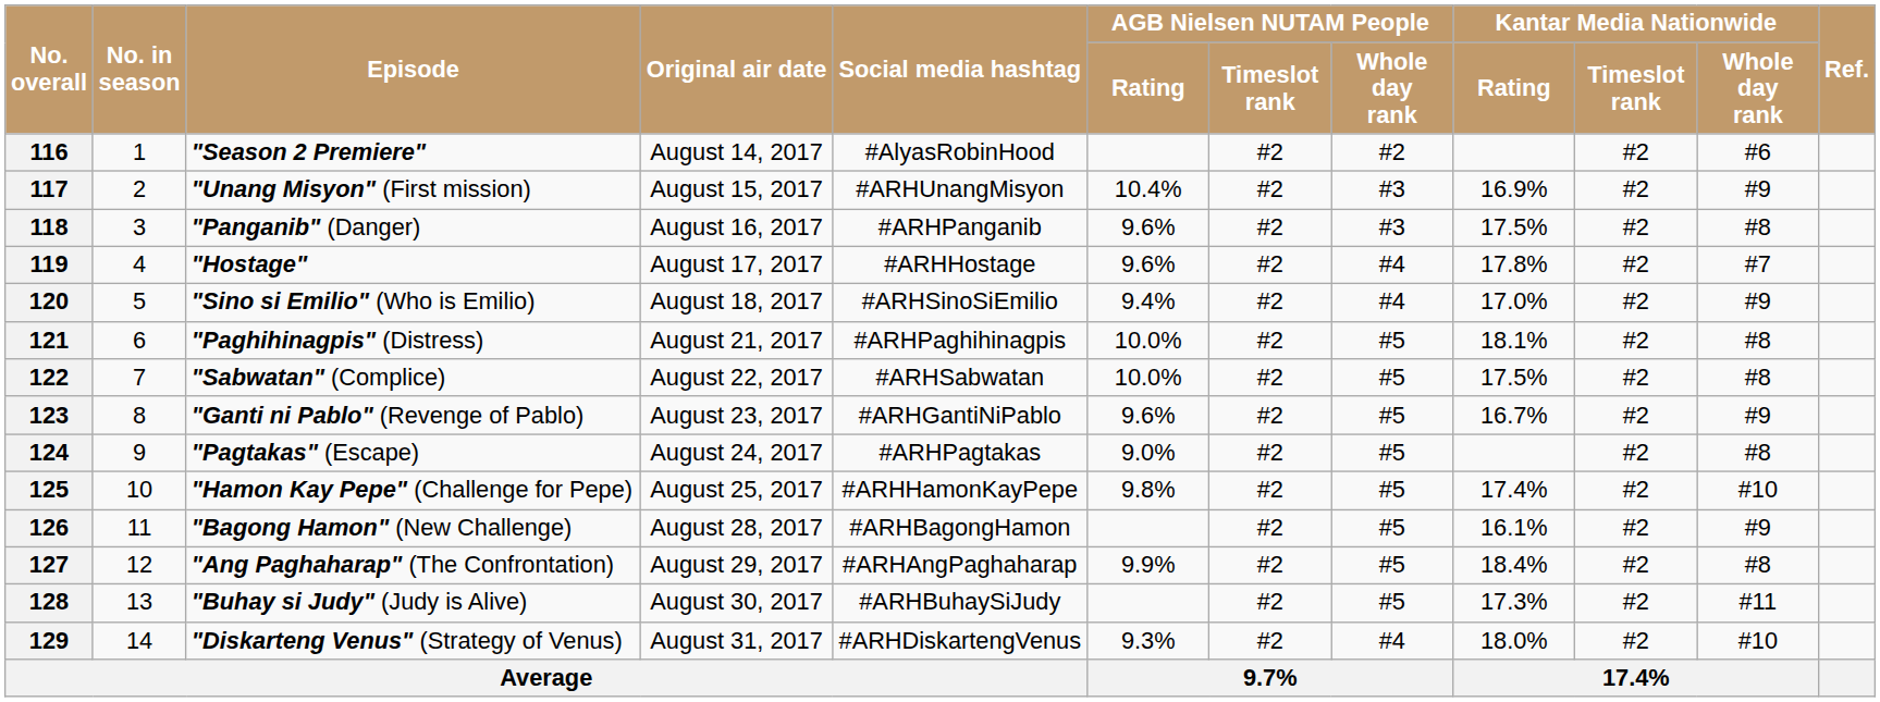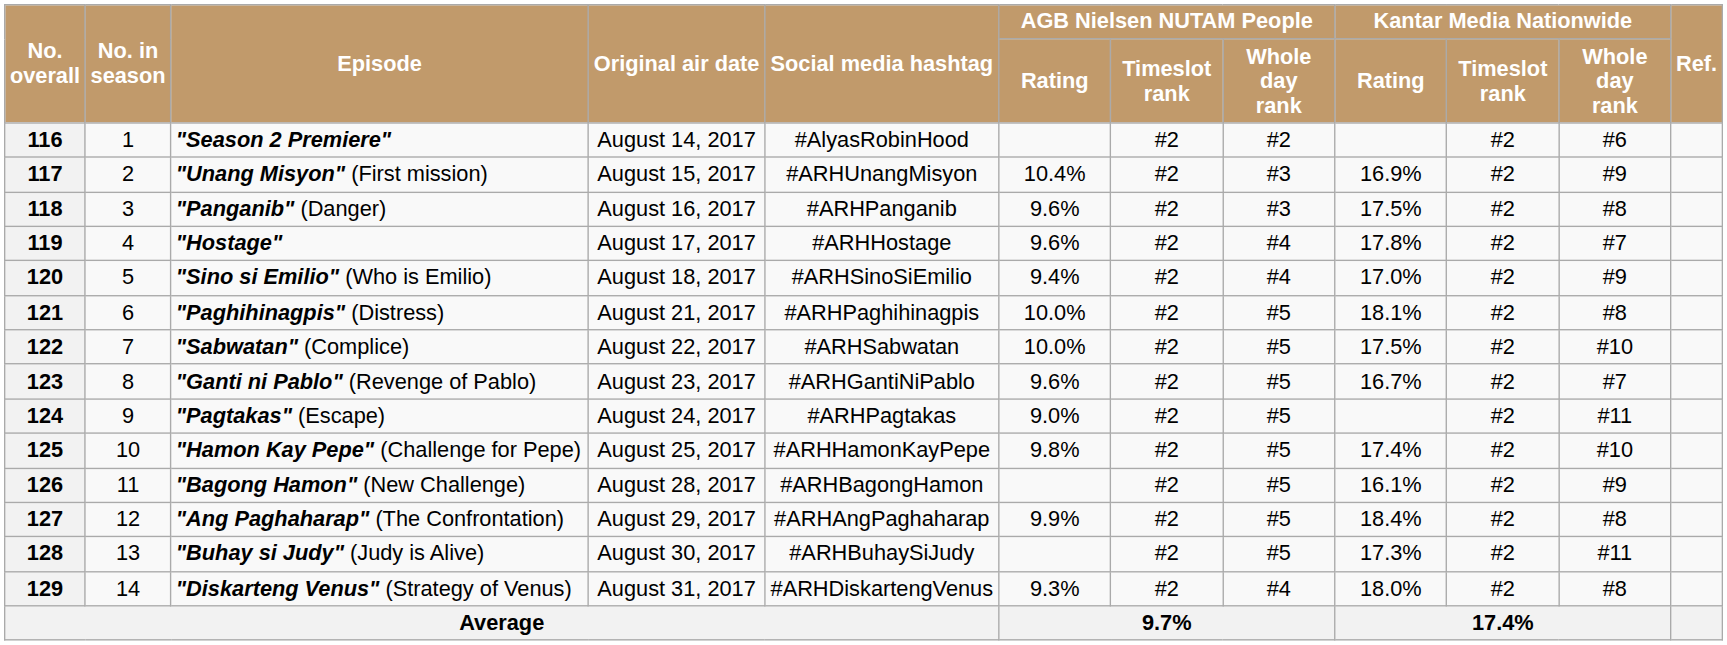 <table class="wikitable" style="text-align:center; font-size:100%; line-height:18px;"  width="100%">
 <tr>
 <th style="background-color:#C19A6B; color:#ffffff;" rowspan="2">No.<br>overall</th>
 <th style="background-color:#C19A6B; color:#ffffff;" rowspan="2">No. in<br>season</th>
 <th style="background-color:#C19A6B; color:#ffffff;" rowspan="2">Episode</th>
 <th style="background:#C19A6B; color:white" rowspan="2">Original air date</th>
 <th style="background:#C19A6B; color:white" rowspan="2">Social media hashtag</th>
 <th style="background-color:#C19A6B; color:#ffffff;" colspan="3">AGB Nielsen NUTAM People</th>
 <th style="background-color:#C19A6B; color:#ffffff;" colspan="3">Kantar Media Nationwide</th>
 <th style="background-color:#C19A6B; color:#ffffff;" rowspan="2">Ref.</th>
 </tr>
 <tr>
 <th style="background-color:#C19A6B; width:75px; color:#ffffff;">Rating</th>
 <th style="background-color:#C19A6B; width:75px; color:#ffffff;">Timeslot<br>rank</th>
 <th style="background-color:#C19A6B; width:75px; color:#ffffff;">Whole day<br>rank</th>
 <th style="background-color:#C19A6B; width:75px; color:#ffffff;">Rating</th>
 <th style="background-color:#C19A6B; width:75px; color:#ffffff;">Timeslot<br>rank</th>
 <th style="background-color:#C19A6B; width:75px; color:#ffffff;">Whole day<br>rank</th>
 </tr>
 <tr>
 <th>116</th>
 <td>1</td>
 <td style="text-align: left;"><strong><em>"Season 2 Premiere"</em></strong></td>
 <td>August 14, 2017</td>
 <td>#AlyasRobinHood</td>
 <td></td>
 <td>#2</td>
 <td>#2</td>
 <td></td>
 <td>#2</td>
 <td>#6</td>
 <td></td>
 </tr>
 <tr>
 <th>117</th>
 <td>2</td>
 <td style="text-align: left;"><strong><em>"Unang Misyon"</em></strong> (First mission)</td>
 <td>August 15, 2017</td>
 <td>#ARHUnangMisyon</td>
 <td>10.4%</td>
 <td>#2</td>
 <td>#3</td>
 <td>16.9%</td>
 <td>#2</td>
 <td>#9</td>
 <td></td>
 </tr>
 <tr>
 <th>118</th>
 <td>3</td>
 <td style="text-align: left;"><strong><em>"Panganib"</em></strong> (Danger)</td>
 <td>August 16, 2017</td>
 <td>#ARHPanganib</td>
 <td>9.6%</td>
 <td>#2</td>
 <td>#3</td>
 <td>17.5%</td>
 <td>#2</td>
 <td>#8</td>
 <td></td>
 </tr>
 <tr>
 <th>119</th>
 <td>4</td>
 <td style="text-align: left;"><strong><em>"Hostage"</em></strong></td>
 <td>August 17, 2017</td>
 <td>#ARHHostage</td>
 <td>9.6%</td>
 <td>#2</td>
 <td>#4</td>
 <td>17.8%</td>
 <td>#2</td>
 <td>#7</td>
 <td></td>
 </tr>
 <tr>
 <th>120</th>
 <td>5</td>
 <td style="text-align: left;"><strong><em>"Sino si Emilio"</em></strong> (Who is Emilio)</td>
 <td>August 18, 2017</td>
 <td>#ARHSinoSiEmilio</td>
 <td>9.4%</td>
 <td>#2</td>
 <td>#4</td>
 <td>17.0%</td>
 <td>#2</td>
 <td>#9</td>
 <td></td>
 </tr>
 <tr>
 <th>121</th>
 <td>6</td>
 <td style="text-align: left;"><strong><em>"Paghihinagpis"</em></strong> (Distress)</td>
 <td>August 21, 2017</td>
 <td>#ARHPaghihinagpis</td>
 <td>10.0%</td>
 <td>#2</td>
 <td>#5</td>
 <td>18.1%</td>
 <td>#2</td>
 <td>#8</td>
 <td></td>
 </tr>
 <tr>
 <th>122</th>
 <td>7</td>
 <td style="text-align: left;"><strong><em>"Sabwatan"</em></strong> (Complice)</td>
 <td>August 22, 2017</td>
 <td>#ARHSabwatan</td>
 <td>10.0%</td>
 <td>#2</td>
 <td>#5</td>
 <td>17.5%</td>
 <td>#2</td>
-<td>#8</td>
+<td>#10</td>
 <td></td>
 </tr>
 <tr>
 <th>123</th>
 <td>8</td>
 <td style="text-align: left;"><strong><em>"Ganti ni Pablo"</em></strong> (Revenge of Pablo)</td>
 <td>August 23, 2017</td>
 <td>#ARHGantiNiPablo</td>
 <td>9.6%</td>
 <td>#2</td>
 <td>#5</td>
 <td>16.7%</td>
 <td>#2</td>
-<td>#9</td>
+<td>#7</td>
 <td></td>
 </tr>
 <tr>
 <th>124</th>
 <td>9</td>
 <td style="text-align: left;"><strong><em>"Pagtakas"</em></strong> (Escape)</td>
 <td>August 24, 2017</td>
 <td>#ARHPagtakas</td>
 <td>9.0%</td>
 <td>#2</td>
 <td>#5</td>
 <td></td>
 <td>#2</td>
-<td>#8</td>
+<td>#11</td>
 <td></td>
 </tr>
 <tr>
 <th>125</th>
 <td>10</td>
 <td style="text-align: left;"><strong><em>"Hamon Kay Pepe"</em></strong> (Challenge for Pepe)</td>
 <td>August 25, 2017</td>
 <td>#ARHHamonKayPepe</td>
 <td>9.8%</td>
 <td>#2</td>
 <td>#5</td>
 <td>17.4%</td>
 <td>#2</td>
 <td>#10</td>
 <td></td>
 </tr>
 <tr>
 <th>126</th>
 <td>11</td>
 <td style="text-align: left;"><strong><em>"Bagong Hamon"</em></strong> (New Challenge)</td>
 <td>August 28, 2017</td>
 <td>#ARHBagongHamon</td>
 <td></td>
 <td>#2</td>
 <td>#5</td>
 <td>16.1%</td>
 <td>#2</td>
 <td>#9</td>
 <td></td>
 </tr>
 <tr>
 <th>127</th>
 <td>12</td>
 <td style="text-align: left;"><strong><em>"Ang Paghaharap"</em></strong> (The Confrontation)</td>
 <td>August 29, 2017</td>
 <td>#ARHAngPaghaharap</td>
 <td>9.9%</td>
 <td>#2</td>
 <td>#5</td>
 <td>18.4%</td>
 <td>#2</td>
 <td>#8</td>
 <td></td>
 </tr>
 <tr>
 <th>128</th>
 <td>13</td>
 <td style="text-align: left;"><strong><em>"Buhay si Judy"</em></strong> (Judy is Alive)</td>
 <td>August 30, 2017</td>
 <td>#ARHBuhaySiJudy</td>
 <td></td>
 <td>#2</td>
 <td>#5</td>
 <td>17.3%</td>
 <td>#2</td>
 <td>#11</td>
 <td></td>
 </tr>
 <tr>
 <th>129</th>
 <td>14</td>
 <td style="text-align: left;"><strong><em>"Diskarteng Venus"</em></strong> (Strategy of Venus)</td>
 <td>August 31, 2017</td>
 <td>#ARHDiskartengVenus</td>
 <td>9.3%</td>
 <td>#2</td>
 <td>#4</td>
 <td>18.0%</td>
 <td>#2</td>
-<td>#10</td>
+<td>#8</td>
 <td></td>
 </tr>
 <tr>
 <th colspan="5">Average</th>
 <th colspan="3">9.7%</th>
 <th colspan="3">17.4%</th>
 <th></th>
 </tr>
 </table>
